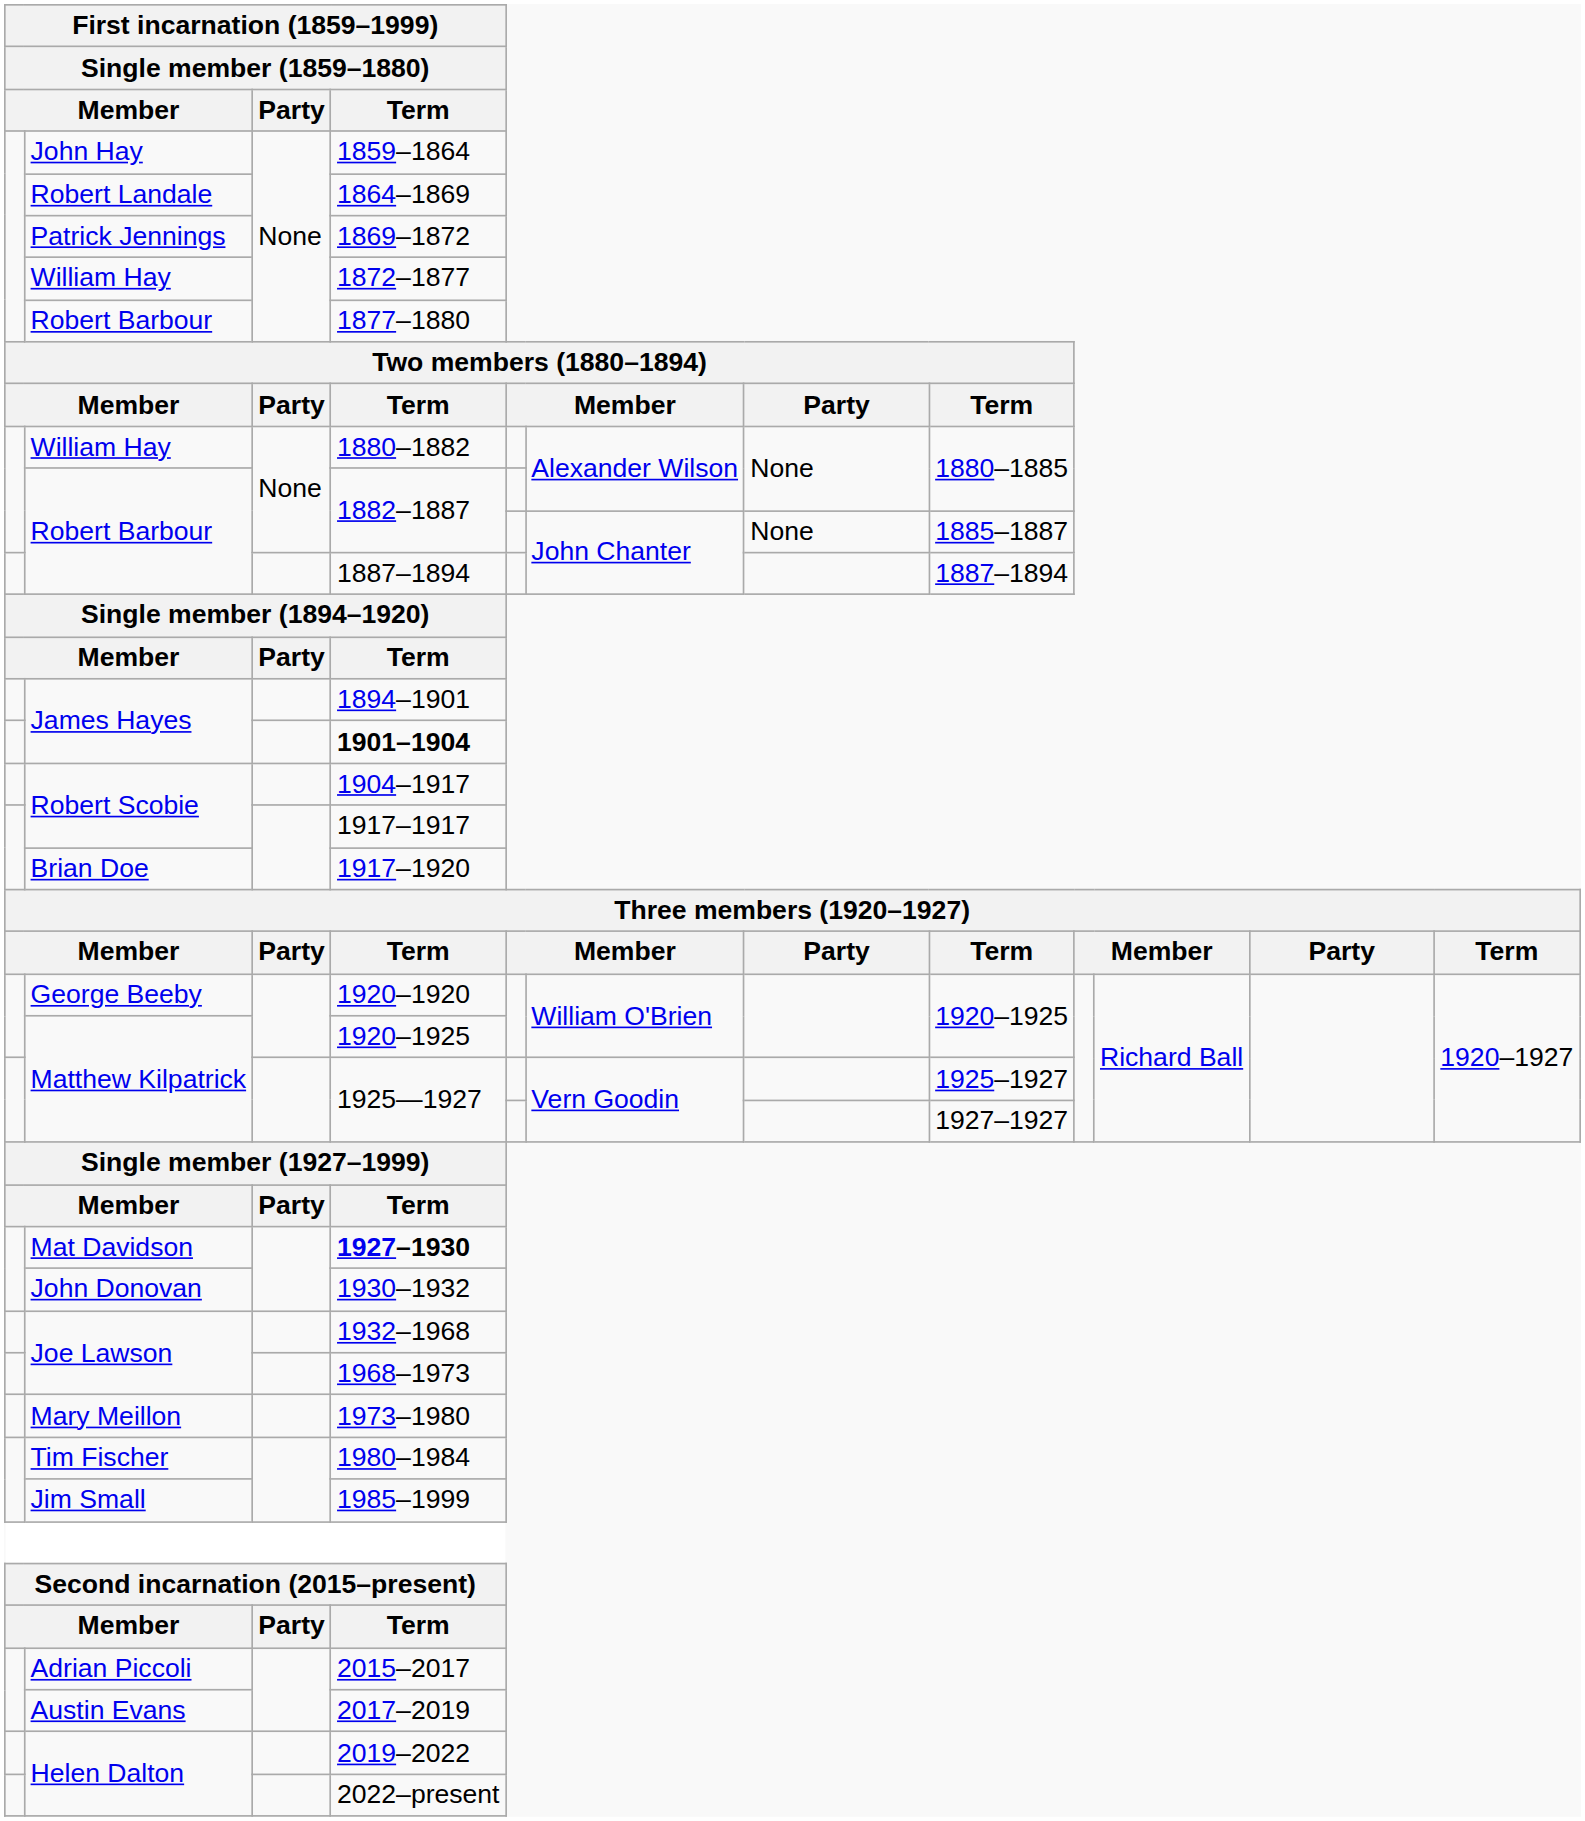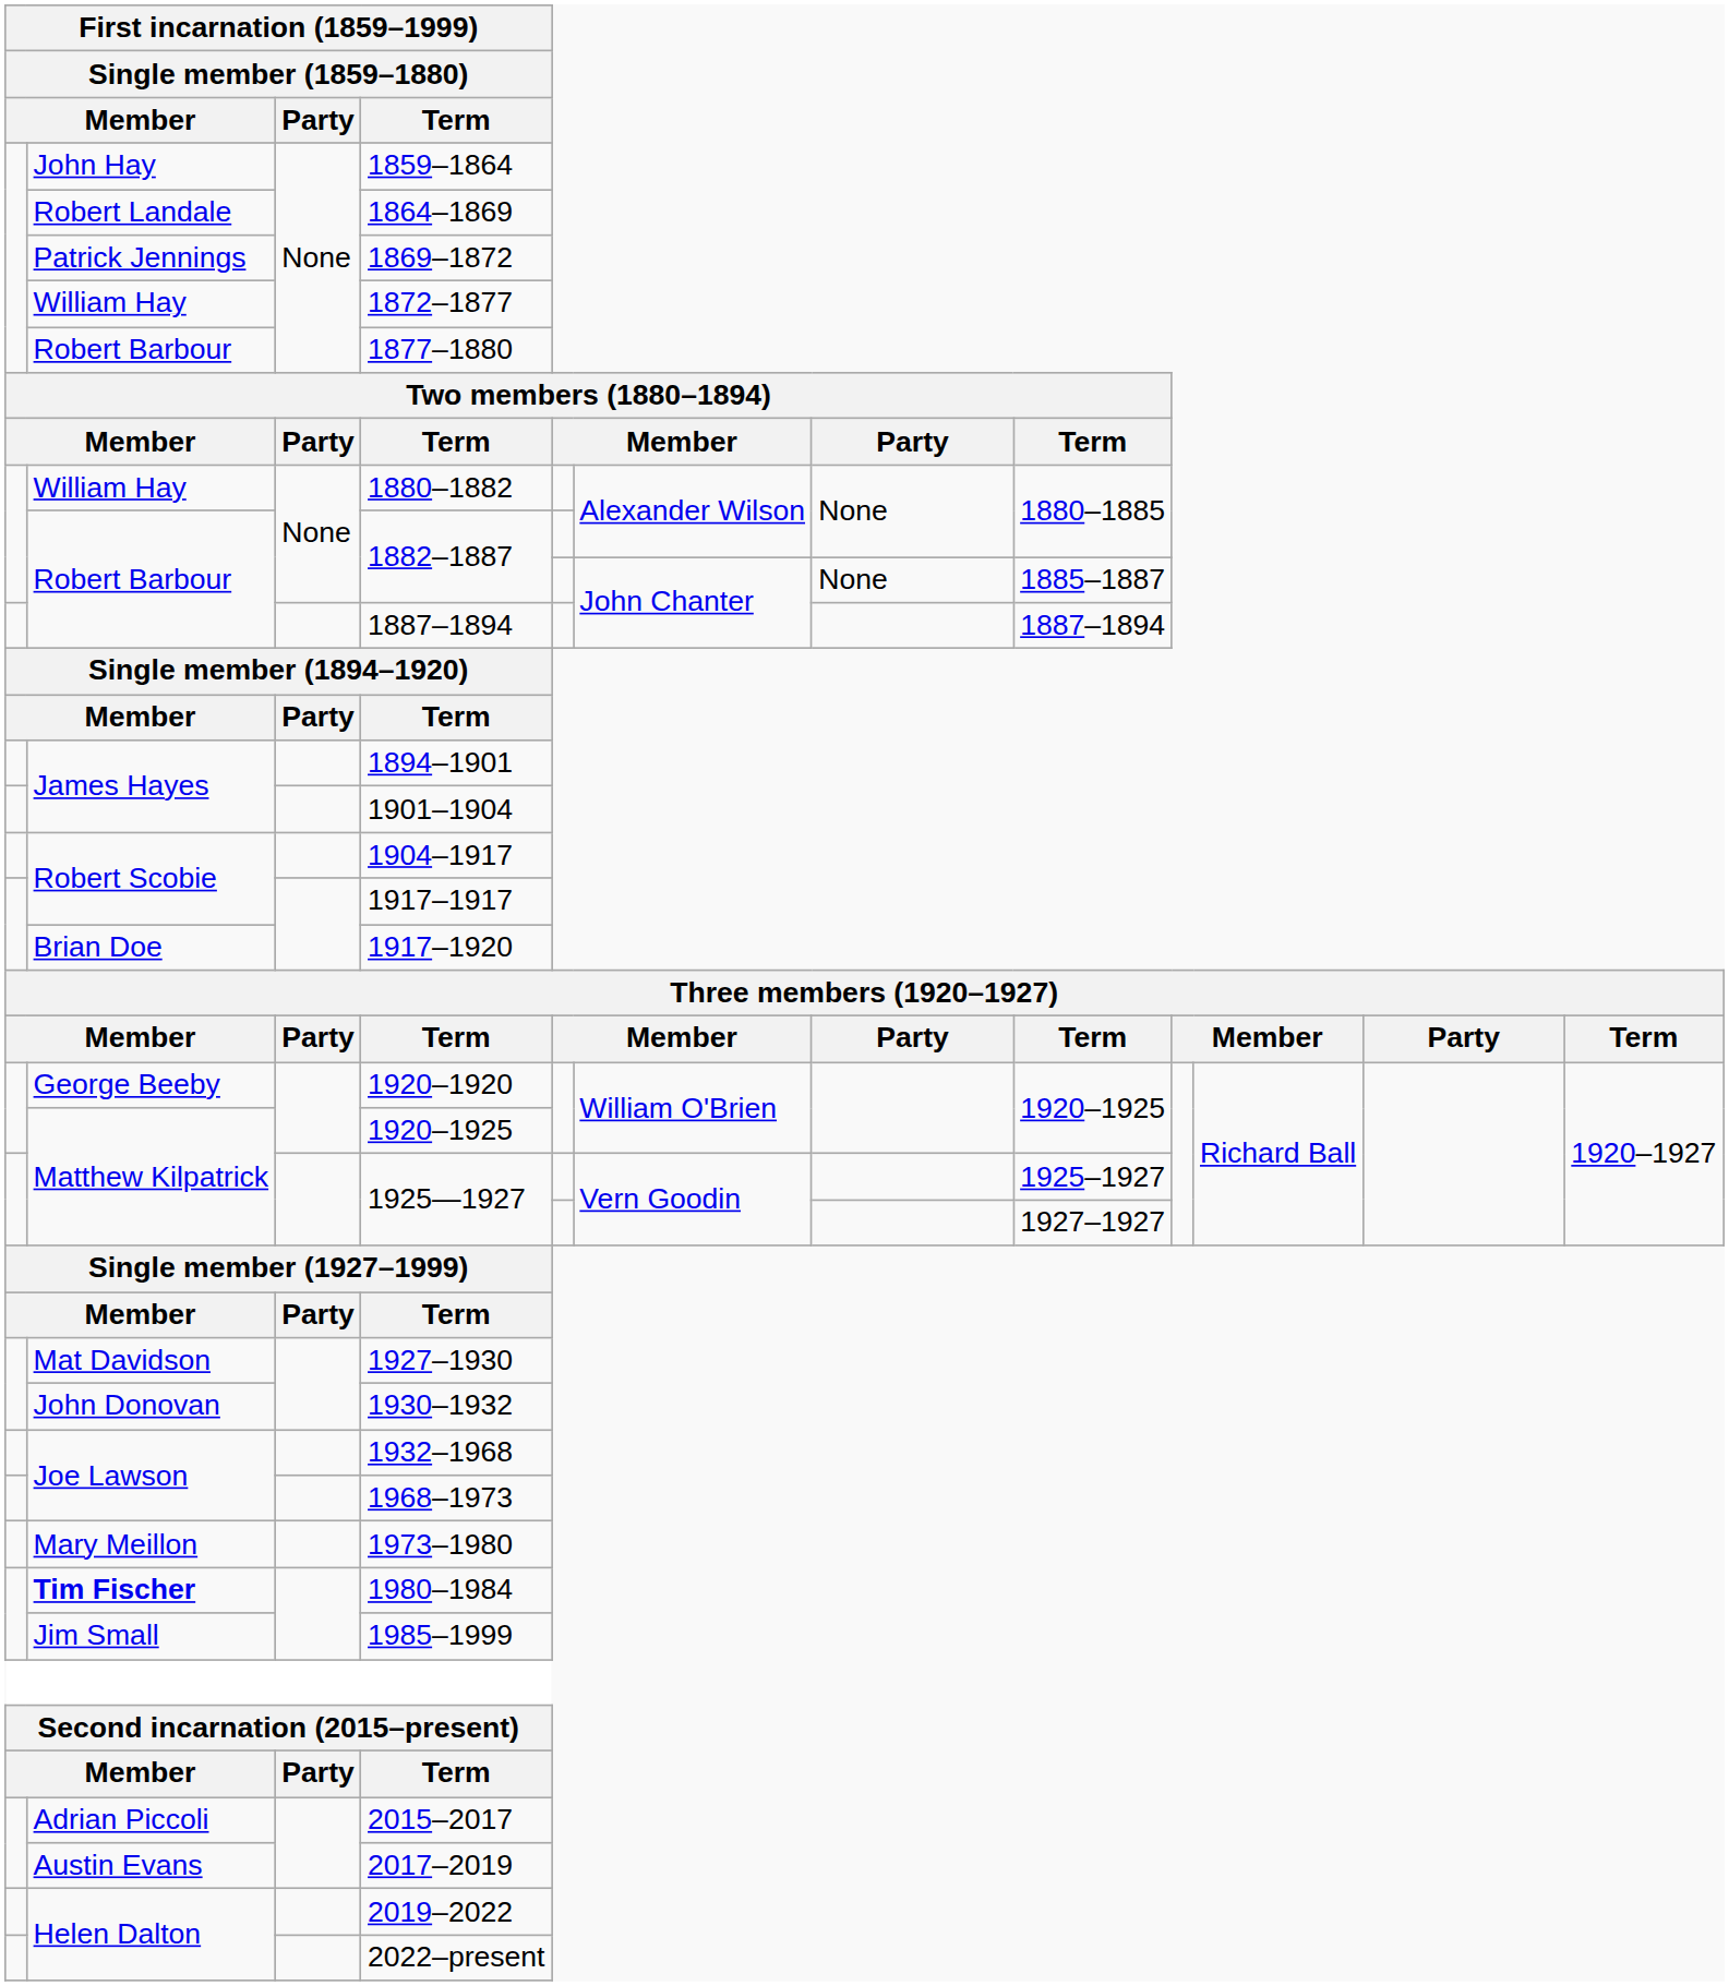 <table class="wikitable" style='border-style: none none none none;'>
 <tr>
 <th colspan="4">First incarnation (1859–1999)</th>
 </tr>
 <tr>
 <th colspan="4">Single member (1859–1880)</th>
 </tr>
 <tr>
 <th colspan="2">Member</th>
 <th>Party</th>
 <th>Term</th>
 </tr>
 <tr style="background: #f9f9f9">
 <td rowspan="5" > </td>
 <td><a href='#'>John Hay</a></td>
 <td rowspan="5">None</td>
 <td><a href='#'>1859</a>–1864</td>
 </tr>
 <tr style="background: #f9f9f9">
 <td><a href='#'>Robert Landale</a></td>
 <td><a href='#'>1864</a>–1869</td>
 </tr>
 <tr style="background: #f9f9f9">
 <td><a href='#'>Patrick Jennings</a></td>
 <td><a href='#'>1869</a>–1872</td>
 </tr>
 <tr style="background: #f9f9f9">
 <td><a href='#'>William Hay</a></td>
 <td><a href='#'>1872</a>–1877</td>
 </tr>
 <tr style="background: #f9f9f9">
 <td><a href='#'>Robert Barbour</a></td>
 <td><a href='#'>1877</a>–1880</td>
 </tr>
 <tr>
 <th colspan="8">Two members (1880–1894)</th>
 </tr>
 <tr style="background: #f9f9f9">
 <th colspan="2">Member</th>
 <th>Party</th>
 <th>Term</th>
 <th colspan="2">Member</th>
 <th scope="col" style="width: 6.5em">Party</th>
 <th>Term</th>
 </tr>
 <tr style="background: #f9f9f9">
 <td rowspan="3" > </td>
 <td><a href='#'>William Hay</a></td>
 <td rowspan="3">None</td>
 <td><a href='#'>1880</a>–1882</td>
 <td> </td>
 <td rowspan="2"><a href='#'>Alexander Wilson</a></td>
 <td rowspan="2">None</td>
 <td rowspan="2"><a href='#'>1880</a>–1885</td>
 </tr>
 <tr style="background: #f9f9f9">
 <td rowspan="3"><a href='#'>Robert Barbour</a></td>
 <td rowspan="2"><a href='#'>1882</a>–1887</td>
 <td> </td>
 </tr>
 <tr style="background: #f9f9f9">
 <td> </td>
 <td rowspan="2"><a href='#'>John Chanter</a></td>
 <td>None</td>
 <td><a href='#'>1885</a>–1887</td>
 </tr>
 <tr style="background: #f9f9f9">
 <td> </td>
 <td></td>
 <td>1887–1894</td>
 <td> </td>
 <td></td>
 <td><a href='#'>1887</a>–1894</td>
 </tr>
 <tr>
 <th colspan="4">Single member (1894–1920)</th>
 </tr>
 <tr>
 <th colspan="2">Member</th>
 <th>Party</th>
 <th>Term</th>
 </tr>
 <tr style="background: #f9f9f9">
 <td> </td>
 <td rowspan="2"><a href='#'>James Hayes</a></td>
 <td></td>
 <td><a href='#'>1894</a>–1901</td>
 </tr>
 <tr style="background: #f9f9f9">
 <td> </td>
 <td></td>
-<td><strong>1901–1904</strong></td>
+<td>1901–1904</td>
 </tr>
 <tr style="background: #f9f9f9">
 <td> </td>
 <td rowspan="2"><a href='#'>Robert Scobie</a></td>
 <td></td>
 <td><a href='#'>1904</a>–1917</td>
 </tr>
 <tr style="background: #f9f9f9">
 <td rowspan="2" > </td>
 <td rowspan="2"></td>
 <td>1917–1917</td>
 </tr>
 <tr style="background: #f9f9f9">
 <td><a href='#'>Brian Doe</a></td>
 <td><a href='#'>1917</a>–1920</td>
 </tr>
 <tr>
 <th colspan="12">Three members (1920–1927)</th>
 </tr>
 <tr>
 <th colspan="2">Member</th>
 <th>Party</th>
 <th>Term</th>
 <th colspan="2">Member</th>
 <th scope="col" style="width: 6.5em">Party</th>
 <th>Term</th>
 <th colspan="2">Member</th>
 <th scope="col" style="width: 6.5em">Party</th>
 <th>Term</th>
 </tr>
 <tr style="background: #f9f9f9">
 <td rowspan="2" > </td>
 <td><a href='#'>George Beeby</a></td>
 <td rowspan="2"></td>
 <td><a href='#'>1920</a>–1920</td>
 <td rowspan="2" > </td>
 <td rowspan="2"><a href='#'>William O'Brien</a></td>
 <td rowspan="2"></td>
 <td rowspan="2"><a href='#'>1920</a>–1925</td>
 <td rowspan="4" > </td>
 <td rowspan="4"><a href='#'>Richard Ball</a></td>
 <td rowspan="4"></td>
 <td rowspan="4"><a href='#'>1920</a>–1927</td>
 </tr>
 <tr style="background: #f9f9f9">
 <td rowspan="3"><a href='#'>Matthew Kilpatrick</a></td>
 <td><a href='#'>1920</a>–1925</td>
 </tr>
 <tr style="background: #f9f9f9">
 <td rowspan="2" > </td>
 <td rowspan="2"></td>
 <td rowspan="2">1925—1927</td>
 <td> </td>
 <td rowspan="2"><a href='#'>Vern Goodin</a></td>
 <td></td>
 <td><a href='#'>1925</a>–1927</td>
 </tr>
 <tr style="background: #f9f9f9">
 <td> </td>
 <td></td>
 <td>1927–1927</td>
 </tr>
 <tr>
 <th colspan="4">Single member (1927–1999)</th>
 </tr>
 <tr>
 <th colspan="2">Member</th>
 <th>Party</th>
 <th>Term</th>
 </tr>
 <tr style="background: #f9f9f9">
 <td rowspan="2" > </td>
 <td><a href='#'>Mat Davidson</a></td>
 <td rowspan="2"></td>
-<td><strong><a href='#'>1927</a>–1930</strong></td>
+<td><a href='#'>1927</a>–1930</td>
 </tr>
 <tr style="background: #f9f9f9">
 <td><a href='#'>John Donovan</a></td>
 <td><a href='#'>1930</a>–1932</td>
 </tr>
 <tr style="background: #f9f9f9">
 <td> </td>
 <td rowspan="2"><a href='#'>Joe Lawson</a></td>
 <td></td>
 <td><a href='#'>1932</a>–1968</td>
 </tr>
 <tr style="background: #f9f9f9">
 <td> </td>
 <td></td>
 <td><a href='#'>1968</a>–1973</td>
 </tr>
 <tr style="background: #f9f9f9">
 <td> </td>
 <td><a href='#'>Mary Meillon</a></td>
 <td></td>
 <td><a href='#'>1973</a>–1980</td>
 </tr>
 <tr style="background: #f9f9f9">
 <td rowspan="2" > </td>
-<td><a href='#'>Tim Fischer</a></td>
+<td><strong><a href='#'>Tim Fischer</a></strong></td>
 <td rowspan="2"></td>
 <td><a href='#'>1980</a>–1984</td>
 </tr>
 <tr style="background: #f9f9f9">
 <td><a href='#'>Jim Small</a></td>
 <td><a href='#'>1985</a>–1999</td>
 </tr>
 <tr>
 <td colspan="4" style='background: #FFFFFF; border-style: none none none none;'> </td>
 </tr>
 <tr>
 <th colspan="4">Second incarnation (2015–present)</th>
 </tr>
 <tr style="background: #f9f9f9">
 <th colspan="2">Member</th>
 <th>Party</th>
 <th>Term</th>
 </tr>
 <tr style="background: #f9f9f9">
 <td rowspan="2" > </td>
 <td><a href='#'>Adrian Piccoli</a></td>
 <td rowspan="2"></td>
 <td><a href='#'>2015</a>–2017</td>
 </tr>
 <tr style="background: #f9f9f9">
 <td><a href='#'>Austin Evans</a></td>
 <td><a href='#'>2017</a>–2019</td>
 </tr>
 <tr style="background: #f9f9f9">
 <td> </td>
 <td rowspan="2"><a href='#'>Helen Dalton</a></td>
 <td></td>
 <td><a href='#'>2019</a>–2022</td>
 </tr>
 <tr style="background: #f9f9f9">
 <td> </td>
 <td></td>
 <td>2022–present</td>
 </tr>
 </table>
